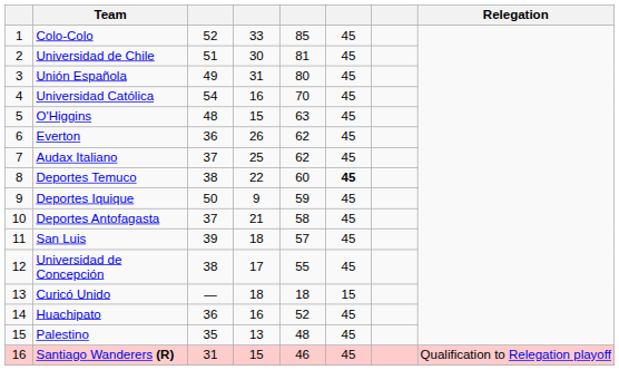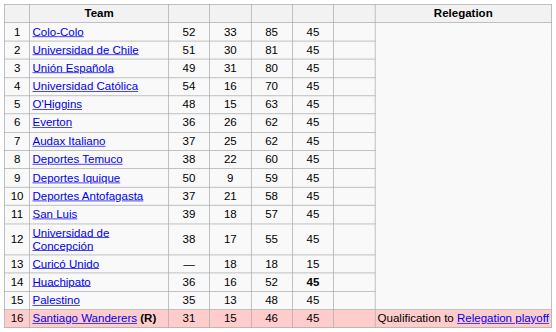 <table class="wikitable" style="text-align: center;">
 <tr>
 <th width=28><br></th>
 <th width=185>Team</th>
 <th width=50></th>
 <th width=50></th>
 <th width=50></th>
 <th width=50></th>
 <th width=50><br></th>
 <th>Relegation</th>
 </tr>
 <tr>
 <td>1</td>
 <td align="left"><a href='#'>Colo-Colo</a></td>
 <td>52</td>
 <td>33</td>
 <td>85</td>
 <td>45</td>
 <td><strong></strong></td>
 </tr>
 <tr>
 <td>2</td>
 <td align="left"><a href='#'>Universidad de Chile</a></td>
 <td>51</td>
 <td>30</td>
 <td>81</td>
 <td>45</td>
 <td><strong></strong></td>
 </tr>
 <tr>
 <td>3</td>
 <td align="left"><a href='#'>Unión Española</a></td>
 <td>49</td>
 <td>31</td>
 <td>80</td>
 <td>45</td>
 <td><strong></strong></td>
 </tr>
 <tr>
 <td>4</td>
 <td align="left"><a href='#'>Universidad Católica</a></td>
 <td>54</td>
 <td>16</td>
 <td>70</td>
 <td>45</td>
 <td><strong></strong></td>
 </tr>
 <tr>
 <td>5</td>
 <td align="left"><a href='#'>O'Higgins</a></td>
 <td>48</td>
 <td>15</td>
 <td>63</td>
 <td>45</td>
 <td><strong></strong></td>
 </tr>
 <tr>
 <td>6</td>
 <td align="left"><a href='#'>Everton</a></td>
 <td>36</td>
 <td>26</td>
 <td>62</td>
 <td>45</td>
 <td><strong></strong></td>
 </tr>
 <tr>
 <td>7</td>
 <td align="left"><a href='#'>Audax Italiano</a></td>
 <td>37</td>
 <td>25</td>
 <td>62</td>
 <td>45</td>
 <td><strong></strong></td>
 </tr>
 <tr>
 <td>8</td>
 <td align="left"><a href='#'>Deportes Temuco</a></td>
 <td>38</td>
 <td>22</td>
 <td>60</td>
-<td><strong>45</strong></td>
+<td>45</td>
 <td><strong></strong></td>
 </tr>
 <tr>
 <td>9</td>
 <td align="left"><a href='#'>Deportes Iquique</a></td>
 <td>50</td>
 <td>9</td>
 <td>59</td>
 <td>45</td>
 <td><strong></strong></td>
 </tr>
 <tr>
 <td>10</td>
 <td align="left"><a href='#'>Deportes Antofagasta</a></td>
 <td>37</td>
 <td>21</td>
 <td>58</td>
 <td>45</td>
 <td><strong></strong></td>
 </tr>
 <tr>
 <td>11</td>
 <td align="left"><a href='#'>San Luis</a></td>
 <td>39</td>
 <td>18</td>
 <td>57</td>
 <td>45</td>
 <td><strong></strong></td>
 </tr>
 <tr>
 <td>12</td>
 <td align="left"><a href='#'>Universidad de Concepción</a></td>
 <td>38</td>
 <td>17</td>
 <td>55</td>
 <td>45</td>
 <td><strong></strong></td>
 </tr>
 <tr>
 <td>13</td>
 <td align="left"><a href='#'>Curicó Unido</a></td>
 <td>—</td>
 <td>18</td>
 <td>18</td>
 <td>15</td>
 <td><strong></strong></td>
 </tr>
 <tr>
 <td>14</td>
 <td align="left"><a href='#'>Huachipato</a></td>
 <td>36</td>
 <td>16</td>
 <td>52</td>
-<td>45</td>
+<td><strong>45</strong></td>
 <td><strong></strong></td>
 </tr>
 <tr>
 <td>15</td>
 <td align="left"><a href='#'>Palestino</a></td>
 <td>35</td>
 <td>13</td>
 <td>48</td>
 <td>45</td>
 <td><strong></strong></td>
 </tr>
 <tr bgcolor=#FFCCCC>
 <td>16</td>
 <td align="left"><a href='#'>Santiago Wanderers</a> <strong>(R)</strong></td>
 <td>31</td>
 <td>15</td>
 <td>46</td>
 <td>45</td>
 <td><strong></strong></td>
 <td>Qualification to <a href='#'>Relegation playoff</a></td>
 </tr>
 </table>
